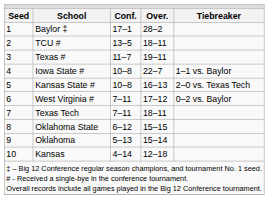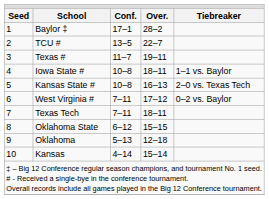 <table class="wikitable" style="white-space:nowrap; font-size:90%;">
 <tr>
 <td colspan="10" style="text-align:center; background:#DDDDDD; font:#000000"><strong></strong></td>
 </tr>
 <tr bgcolor="#efefef">
 <th>Seed</th>
 <th>School</th>
 <th>Conf.</th>
 <th>Over.</th>
 <th>Tiebreaker</th>
 </tr>
 <tr>
 <td>1</td>
 <td>Baylor ‡</td>
 <td>17–1</td>
 <td>28–2</td>
 <td></td>
 </tr>
 <tr>
 <td>2</td>
 <td>TCU #</td>
 <td>13–5</td>
-<td>18–11</td>
+<td>22–7</td>
 <td></td>
 </tr>
 <tr>
 <td>3</td>
 <td>Texas #</td>
 <td>11–7</td>
 <td>19–11</td>
 <td></td>
 </tr>
 <tr>
 <td>4</td>
 <td>Iowa State #</td>
 <td>10–8</td>
-<td>22–7</td>
+<td>18–11</td>
 <td>1–1 vs. Baylor</td>
 </tr>
 <tr>
 <td>5</td>
 <td>Kansas State #</td>
 <td>10–8</td>
 <td>16–13</td>
 <td>2–0 vs. Texas Tech</td>
 </tr>
 <tr>
 <td>6</td>
 <td>West Virginia #</td>
 <td>7–11</td>
 <td>17–12</td>
 <td>0–2 vs. Baylor</td>
 </tr>
 <tr>
 <td>7</td>
 <td>Texas Tech</td>
 <td>7–11</td>
 <td>18–11</td>
 <td></td>
 </tr>
 <tr>
 <td>8</td>
 <td>Oklahoma State</td>
 <td>6–12</td>
 <td>15–15</td>
 <td></td>
 </tr>
 <tr>
 <td>9</td>
 <td>Oklahoma</td>
 <td>5–13</td>
-<td>15–14</td>
+<td>12–18</td>
 <td></td>
 </tr>
 <tr>
 <td>10</td>
 <td>Kansas</td>
 <td>4–14</td>
-<td>12–18</td>
+<td>15–14</td>
 <td></td>
 </tr>
 <tr>
 <td colspan="10" style="text-align:left;"><small>‡ – Big 12 Conference regular season champions, and tournament No. 1 seed.<br># - Received a single-bye in the conference tournament.<br>Overall records include all games played in the Big 12 Conference tournament.</small></td>
 </tr>
 <tr>
 </tr>
 </table>
